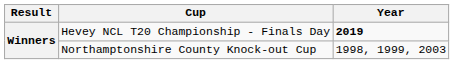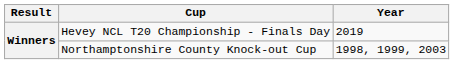 <table class="wikitable" style="font-size:85%">
 <tr>
 <th scope="col">Result</th>
 <th scope="col">Cup</th>
 <th scope="col">Year</th>
 </tr>
 <tr>
 <th scope="row" rowspan=3>Winners</th>
 <td>Hevey NCL T20 Championship - Finals Day</td>
-<td><strong>2019</strong></td>
+<td>2019</td>
 </tr>
 <tr>
 <td>Northamptonshire County Knock-out Cup</td>
 <td>1998, 1999, 2003</td>
 </tr>
 </table>
